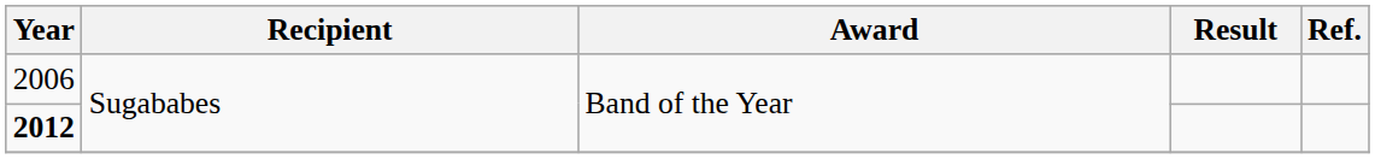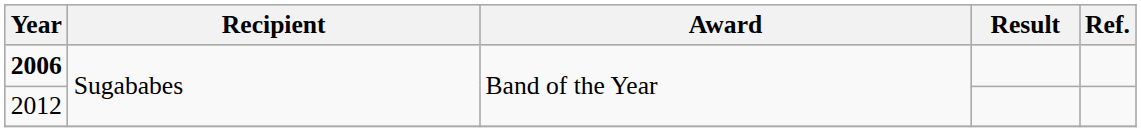 <table class="wikitable">
 <tr>
 <th>Year</th>
 <th width="250">Recipient</th>
 <th width="300">Award</th>
 <th width="60">Result</th>
 <th>Ref.</th>
 </tr>
 <tr>
-<td>2006</td>
+<td><strong>2006</strong></td>
 <td rowspan="2">Sugababes</td>
 <td rowspan="2">Band of the Year</td>
 <td></td>
 <td align="center"></td>
 </tr>
 <tr>
-<td><strong>2012</strong></td>
+<td>2012</td>
 <td></td>
 <td align="center"></td>
 </tr>
 <tr>
 </tr>
 </table>
